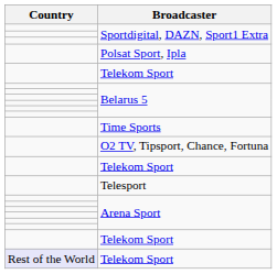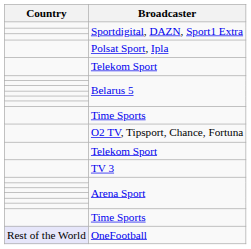 <table class="wikitable">
 <tr>
 <th>Country</th>
 <th>Broadcaster</th>
 </tr>
 <tr>
 <td></td>
 <td rowspan=3><a href='#'>Sportdigital</a>, <a href='#'>DAZN</a>, <a href='#'>Sport1 Extra</a></td>
 </tr>
 <tr>
 <td></td>
 </tr>
 <tr>
 <td></td>
 </tr>
 <tr>
 <td></td>
 <td><a href='#'>Polsat Sport</a>, <a href='#'>Ipla</a></td>
 </tr>
 <tr>
 <td></td>
 <td><a href='#'>Telekom Sport</a></td>
 </tr>
 <tr>
 <td></td>
 <td rowspan=6><a href='#'>Belarus 5</a></td>
 </tr>
 <tr>
 <td></td>
 </tr>
 <tr>
 <td></td>
 </tr>
 <tr>
 <td></td>
 </tr>
 <tr>
 <td></td>
 </tr>
 <tr>
 <td></td>
 </tr>
 <tr>
 <td></td>
 <td><a href='#'>Time Sports</a></td>
 </tr>
 <tr>
 <td></td>
 <td><a href='#'>O2 TV</a>, Tipsport, Chance, Fortuna</td>
 </tr>
 <tr>
 <td></td>
 <td><a href='#'>Telekom Sport</a></td>
 </tr>
 <tr>
 <td></td>
-<td>Telesport</td>
+<td><a href='#'>TV 3</a></td>
 </tr>
 <tr>
 <td></td>
 <td rowspan=6><a href='#'>Arena Sport</a></td>
 </tr>
 <tr>
 <td></td>
 </tr>
 <tr>
 <td></td>
 </tr>
 <tr>
 <td></td>
 </tr>
 <tr>
 <td></td>
 </tr>
 <tr>
 <td></td>
 </tr>
 <tr>
 <td></td>
-<td><a href='#'>Telekom Sport</a></td>
+<td><a href='#'>Time Sports</a></td>
 </tr>
 <tr>
 <td style="background: lavender;">Rest of the World</td>
-<td><a href='#'>Telekom Sport</a></td>
+<td><a href='#'>OneFootball</a></td>
 </tr>
 </table>
